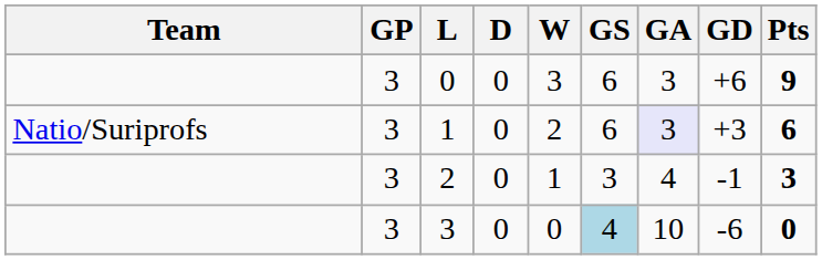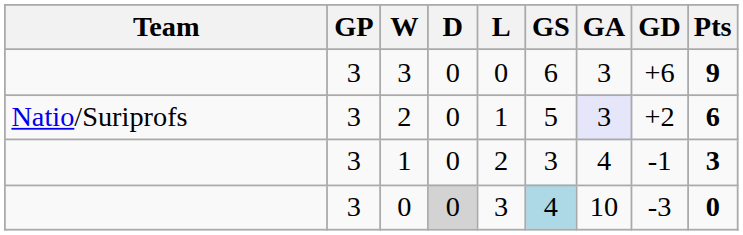 <table class="wikitable" style="text-align:center">
 <tr>
 <th width="175">Team</th>
 <th width="20">GP</th>
+<th width="20">W</th>
+<th width="20">D</th>
 <th width="20">L</th>
-<th width="20">D</th>
-<th width="20">W</th>
 <th width="20">GS</th>
 <th width="20">GA</th>
 <th width="20">GD</th>
 <th width="20">Pts</th>
 </tr>
 <tr>
 <td align=left><strong></strong></td>
 <td>3</td>
+<td>3</td>
 <td>0</td>
 <td>0</td>
-<td>3</td>
 <td>6</td>
 <td>3</td>
 <td>+6</td>
 <td><strong>9</strong></td>
 </tr>
 <tr>
 <td align=left> <a href='#'>Natio</a>/Suriprofs</td>
 <td>3</td>
+<td>2</td>
+<td>0</td>
 <td>1</td>
-<td>0</td>
-<td>2</td>
-<td>6</td>
+<td>5</td>
 <td style="background: lavender;">3</td>
-<td>+3</td>
+<td>+2</td>
 <td><strong>6</strong></td>
 </tr>
 <tr>
 <td align=left></td>
 <td>3</td>
+<td>1</td>
+<td>0</td>
 <td>2</td>
-<td>0</td>
-<td>1</td>
 <td>3</td>
 <td>4</td>
 <td>-1</td>
 <td><strong>3</strong></td>
 </tr>
 <tr>
 <td align=left></td>
 <td>3</td>
+<td>0</td>
+<td style="background: lightgrey;">0</td>
 <td>3</td>
-<td>0</td>
-<td>0</td>
 <td style="background: lightblue;">4</td>
 <td>10</td>
-<td>-6</td>
+<td>-3</td>
 <td><strong>0</strong></td>
 </tr>
 </table>
